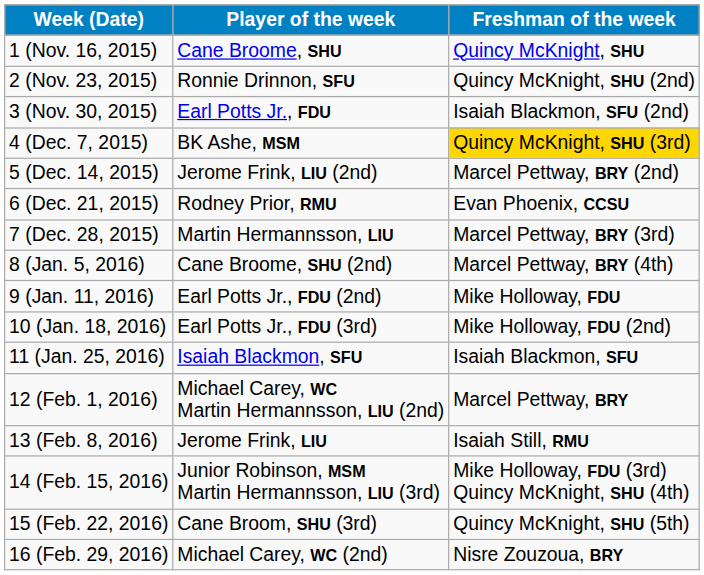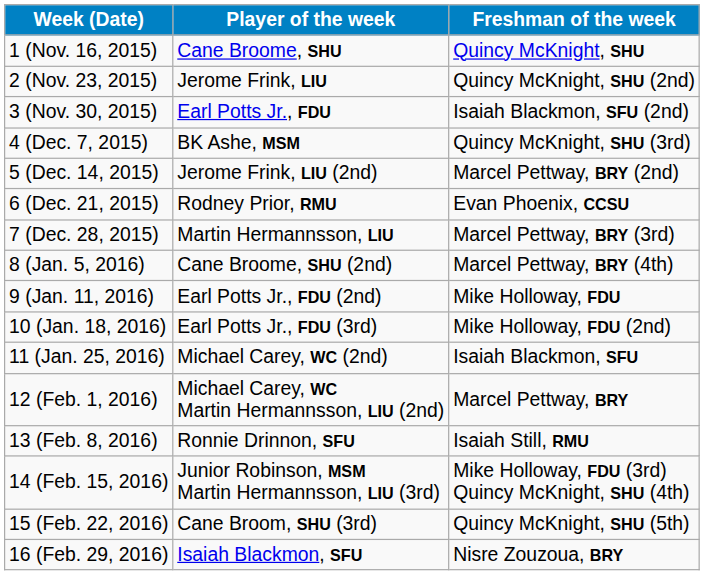 <table class="wikitable" border="1">
 <tr>
 <th align="center" style="background:#0081C4; color:#FFFFFF;">Week (Date)</th>
 <th align="center" style="background:#0081C4; color:#FFFFFF;">Player of the week</th>
 <th align="center" style="background:#0081C4; color:#FFFFFF;">Freshman of the week</th>
 </tr>
 <tr>
 <td>1 (Nov. 16, 2015)</td>
 <td><a href='#'>Cane Broome</a>, <small><strong>SHU</strong></small></td>
 <td><a href='#'>Quincy McKnight</a>, <small><strong>SHU</strong></small></td>
 </tr>
 <tr>
 <td>2 (Nov. 23, 2015)</td>
-<td>Ronnie Drinnon, <small><strong>SFU</strong></small></td>
+<td>Jerome Frink, <small><strong>LIU</strong></small></td>
 <td>Quincy McKnight, <small><strong>SHU</strong></small> (2nd)</td>
 </tr>
 <tr>
 <td>3 (Nov. 30, 2015)</td>
 <td><a href='#'>Earl Potts Jr.</a>, <small><strong>FDU</strong></small></td>
 <td>Isaiah Blackmon, <small><strong>SFU</strong></small> (2nd)</td>
 </tr>
 <tr>
 <td>4 (Dec. 7, 2015)</td>
 <td>BK Ashe, <small><strong>MSM</strong></small></td>
-<td style="background: gold;">Quincy McKnight, <small><strong>SHU</strong></small> (3rd)</td>
+<td>Quincy McKnight, <small><strong>SHU</strong></small> (3rd)</td>
 </tr>
 <tr>
 <td>5 (Dec. 14, 2015)</td>
 <td>Jerome Frink, <small><strong>LIU</strong></small> (2nd)</td>
 <td>Marcel Pettway, <small><strong>BRY</strong></small> (2nd)</td>
 </tr>
 <tr>
 <td>6 (Dec. 21, 2015)</td>
 <td>Rodney Prior, <small><strong>RMU</strong></small></td>
 <td>Evan Phoenix, <small><strong>CCSU</strong></small></td>
 </tr>
 <tr>
 <td>7 (Dec. 28, 2015)</td>
 <td>Martin Hermannsson, <small><strong>LIU</strong></small></td>
 <td>Marcel Pettway, <small><strong>BRY</strong></small> (3rd)</td>
 </tr>
 <tr>
 <td>8 (Jan. 5, 2016)</td>
 <td>Cane Broome, <small><strong>SHU</strong></small> (2nd)</td>
 <td>Marcel Pettway, <small><strong>BRY</strong></small> (4th)</td>
 </tr>
 <tr>
 <td>9 (Jan. 11, 2016)</td>
 <td>Earl Potts Jr., <small><strong>FDU</strong></small> (2nd)</td>
 <td>Mike Holloway, <small><strong>FDU</strong></small></td>
 </tr>
 <tr>
 <td>10 (Jan. 18, 2016)</td>
 <td>Earl Potts Jr., <small><strong>FDU</strong></small> (3rd)</td>
 <td>Mike Holloway, <small><strong>FDU</strong></small> (2nd)</td>
 </tr>
 <tr>
 <td>11 (Jan. 25, 2016)</td>
-<td><a href='#'>Isaiah Blackmon</a>, <small><strong>SFU</strong></small></td>
+<td>Michael Carey, <small><strong>WC</strong></small> (2nd)</td>
 <td>Isaiah Blackmon, <small><strong>SFU</strong></small></td>
 </tr>
 <tr>
 <td>12 (Feb. 1, 2016)</td>
 <td>Michael Carey, <small><strong>WC</strong></small> <br> Martin Hermannsson, <small><strong>LIU</strong></small> (2nd)</td>
 <td>Marcel Pettway, <small><strong>BRY</strong></small></td>
 </tr>
 <tr>
 <td>13 (Feb. 8, 2016)</td>
-<td>Jerome Frink, <small><strong>LIU</strong></small></td>
+<td>Ronnie Drinnon, <small><strong>SFU</strong></small></td>
 <td>Isaiah Still, <small><strong>RMU</strong></small></td>
 </tr>
 <tr>
 <td>14 (Feb. 15, 2016)</td>
 <td>Junior Robinson, <small><strong>MSM</strong></small><br>Martin Hermannsson, <small><strong>LIU</strong></small> (3rd)</td>
 <td>Mike Holloway, <small><strong>FDU</strong></small> (3rd)<br>Quincy McKnight, <small><strong>SHU</strong></small> (4th)</td>
 </tr>
 <tr>
 <td>15 (Feb. 22, 2016)</td>
 <td>Cane Broom, <small><strong>SHU</strong></small> (3rd)</td>
 <td>Quincy McKnight, <small><strong>SHU</strong></small> (5th)</td>
 </tr>
 <tr>
 <td>16 (Feb. 29, 2016)</td>
-<td>Michael Carey, <small><strong>WC</strong></small> (2nd)</td>
+<td><a href='#'>Isaiah Blackmon</a>, <small><strong>SFU</strong></small></td>
 <td>Nisre Zouzoua, <small><strong>BRY</strong></small></td>
 </tr>
 </table>
